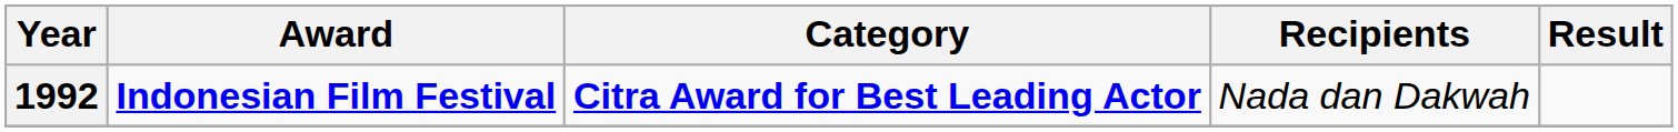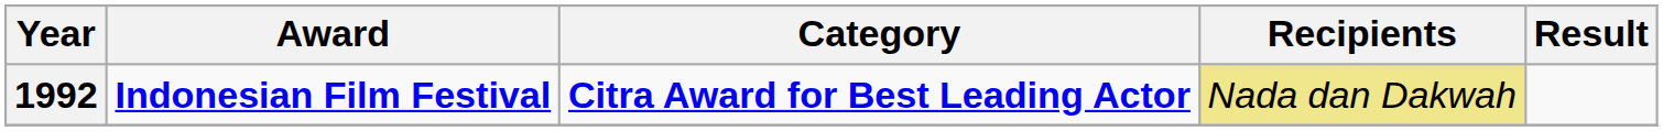 <table class="wikitable sortable">
 <tr>
 <th>Year</th>
 <th>Award</th>
 <th>Category</th>
 <th>Recipients</th>
 <th>Result</th>
 </tr>
 <tr>
 <th>1992</th>
 <td><strong><a href='#'>Indonesian Film Festival</a></strong></td>
 <td><strong><a href='#'>Citra Award for Best Leading Actor</a></strong></td>
-<td><em>Nada dan Dakwah</em></td>
+<td style="background: khaki;"><em>Nada dan Dakwah</em></td>
 <td></td>
 </tr>
 <tr>
 </tr>
 </table>
